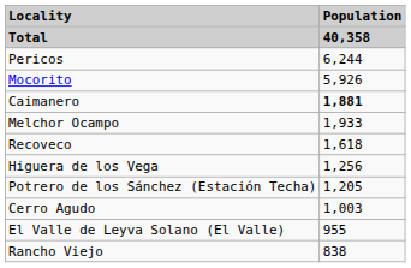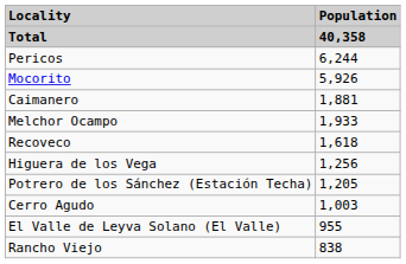 <table class="wikitable">
 <tr style="background:#CFCFCF;">
 <td><strong>Locality</strong></td>
 <td><strong>Population</strong></td>
 </tr>
 <tr style="background:#CFCFCF;">
 <td><strong>Total </strong></td>
 <td><strong>40,358</strong></td>
 </tr>
 <tr>
 <td>Pericos</td>
 <td>6,244</td>
 </tr>
 <tr>
 <td><a href='#'>Mocorito</a></td>
 <td>5,926</td>
 </tr>
 <tr>
 <td>Caimanero</td>
-<td><strong>1,881</strong></td>
+<td>1,881</td>
 </tr>
 <tr>
 <td>Melchor Ocampo</td>
 <td>1,933</td>
 </tr>
 <tr>
 <td>Recoveco</td>
 <td>1,618</td>
 </tr>
 <tr>
 <td>Higuera de los Vega</td>
 <td>1,256</td>
 </tr>
 <tr>
 <td>Potrero de los Sánchez (Estación Techa)</td>
 <td>1,205</td>
 </tr>
 <tr>
 <td>Cerro Agudo</td>
 <td>1,003</td>
 </tr>
 <tr>
 <td>El Valle de Leyva Solano (El Valle)</td>
 <td>955</td>
 </tr>
 <tr>
 <td>Rancho Viejo</td>
 <td>838</td>
 </tr>
 </table>
